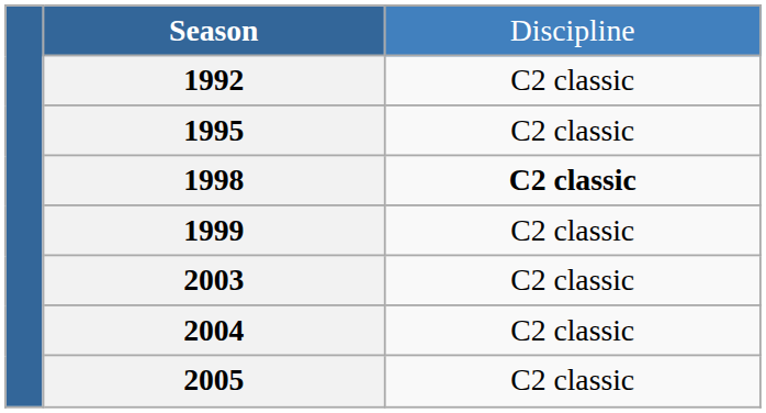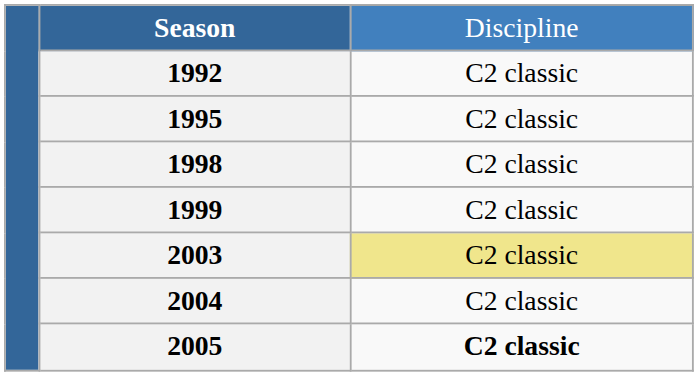 <table class="wikitable"  style="font-size:95%; text-align:center; border:gray solid 1px; width:30%;">
 <tr style="background:#369; color:white;">
 <td rowspan="22" style="width:1%;"></td>
 <td rowspan="2" style="width:10%;"><strong>Season</strong></td>
 </tr>
 <tr style="background:#4180be; color:white;">
 <td style="width:10%;">Discipline</td>
 </tr>
 <tr>
 <th>1992</th>
 <td>C2 classic</td>
 </tr>
 <tr>
 <th>1995</th>
 <td>C2 classic</td>
 </tr>
 <tr>
 <th>1998</th>
-<td><strong>C2 classic</strong></td>
+<td>C2 classic</td>
 </tr>
 <tr>
 <th>1999</th>
 <td>C2 classic</td>
 </tr>
 <tr>
 <th>2003</th>
-<td>C2 classic</td>
+<td style="background: khaki;">C2 classic</td>
 </tr>
 <tr>
 <th>2004</th>
 <td>C2 classic</td>
 </tr>
 <tr>
 <th>2005</th>
-<td>C2 classic</td>
+<td><strong>C2 classic</strong></td>
 </tr>
 </table>
